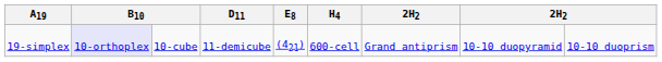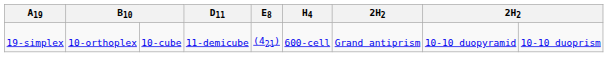 <table class=wikitable>
 <tr align=center>
 <th>A<sub>19</sub></th>
 <th colspan=2>B<sub>10</sub></th>
 <th>D<sub>11</sub></th>
 <th>E<sub>8</sub></th>
 <th>H<sub>4</sub></th>
 <th>2H<sub>2</sub></th>
 <th colspan=2>2H<sub>2</sub></th>
 </tr>
 <tr align=center>
 <td><br><a href='#'>19-simplex</a></td>
-<td style="background: lavender;"><br><a href='#'>10-orthoplex</a></td>
+<td><br><a href='#'>10-orthoplex</a></td>
 <td><br><a href='#'>10-cube</a></td>
 <td><br><a href='#'>11-demicube</a></td>
 <td><br><a href='#'>(4<sub>21</sub>)</a></td>
 <td><br><a href='#'>600-cell</a></td>
 <td><br><a href='#'>Grand antiprism</a></td>
 <td><br><a href='#'>10-10 duopyramid</a></td>
 <td><br><a href='#'>10-10 duoprism</a></td>
 </tr>
 </table>
